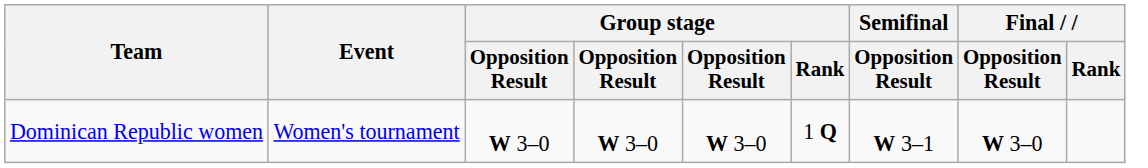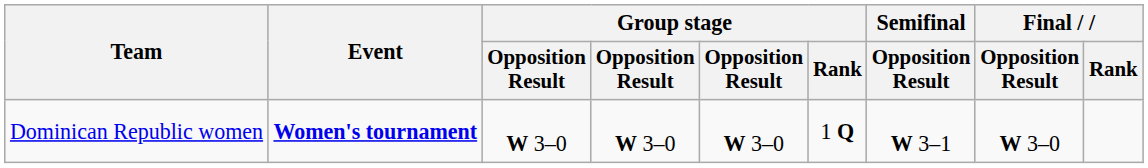 <table class=wikitable style=font-size:90%;text-align:center>
 <tr>
 <th rowspan=2>Team</th>
 <th rowspan=2>Event</th>
 <th colspan=4>Group stage</th>
 <th>Semifinal</th>
 <th colspan=2>Final /  / </th>
 </tr>
 <tr style=font-size:95%>
 <th>Opposition<br>Result</th>
 <th>Opposition<br>Result</th>
 <th>Opposition<br>Result</th>
 <th>Rank</th>
 <th>Opposition<br>Result</th>
 <th>Opposition<br>Result</th>
 <th>Rank</th>
 </tr>
 <tr>
 <td align=left><a href='#'>Dominican Republic women</a></td>
-<td align=left><a href='#'>Women's tournament</a></td>
+<td align=left><strong><a href='#'>Women's tournament</a></strong></td>
 <td><br><strong>W</strong> 3–0</td>
 <td><br><strong>W</strong> 3–0</td>
 <td><br><strong>W</strong> 3–0</td>
 <td>1 <strong>Q</strong></td>
 <td><br><strong>W</strong> 3–1</td>
 <td><br><strong>W</strong> 3–0</td>
 <td></td>
 </tr>
 </table>
